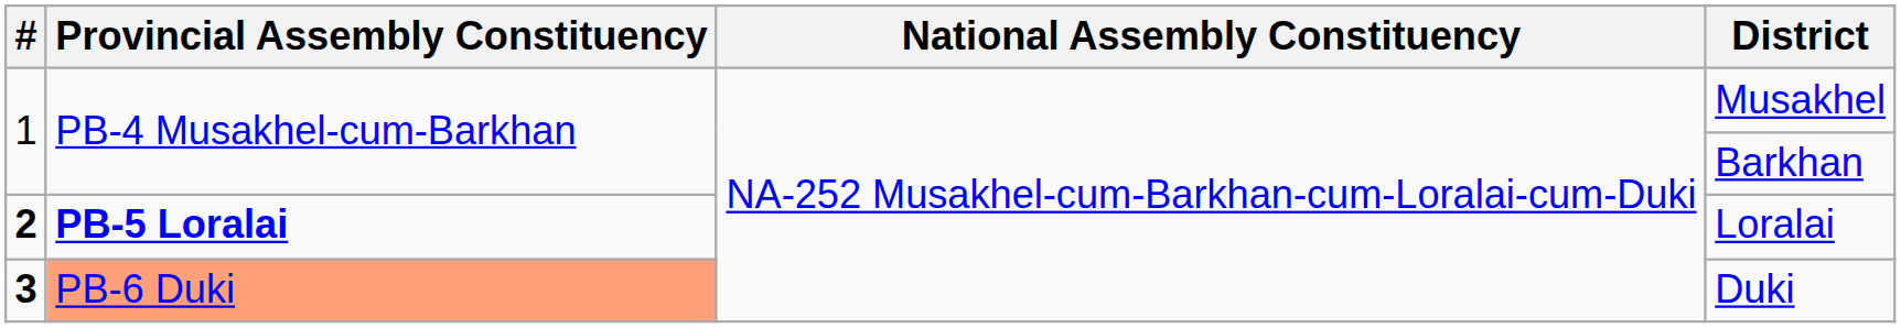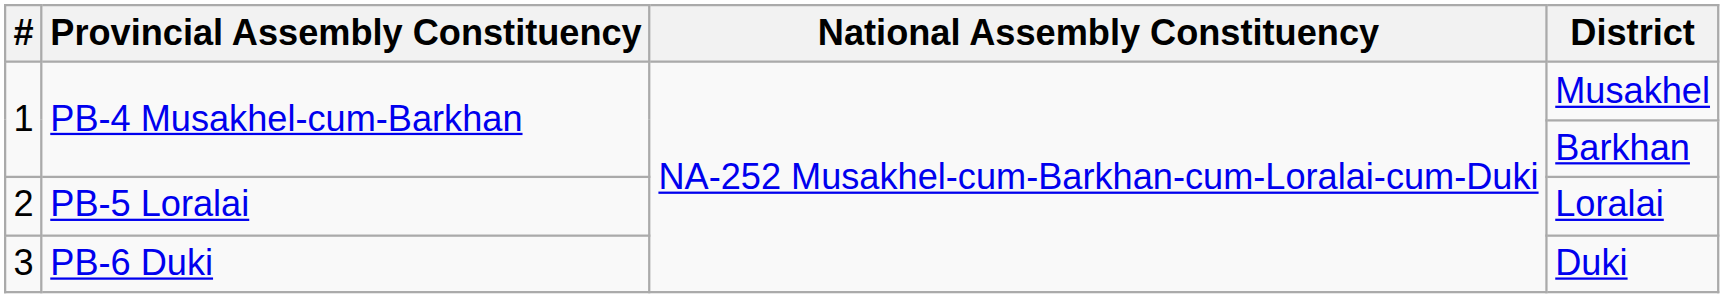 <table class="wikitable sortable">
 <tr>
 <th>#</th>
 <th>Provincial Assembly Constituency</th>
 <th>National Assembly Constituency</th>
 <th>District</th>
 </tr>
 <tr>
 <td rowspan="2">1</td>
 <td rowspan="2"><a href='#'>PB-4 Musakhel-cum-Barkhan</a></td>
 <td rowspan="4"><a href='#'>NA-252 Musakhel-cum-Barkhan-cum-Loralai-cum-Duki</a></td>
 <td><a href='#'>Musakhel</a></td>
 </tr>
 <tr>
 <td><a href='#'>Barkhan</a></td>
 </tr>
 <tr>
-<td><strong>2</strong></td>
-<td><strong><a href='#'>PB-5 Loralai</a></strong></td>
+<td>2</td>
+<td><a href='#'>PB-5 Loralai</a></td>
 <td><a href='#'>Loralai</a></td>
 </tr>
 <tr>
-<td><strong>3</strong></td>
-<td style="background: lightsalmon;"><a href='#'>PB-6 Duki</a></td>
+<td>3</td>
+<td><a href='#'>PB-6 Duki</a></td>
 <td><a href='#'>Duki</a></td>
 </tr>
 </table>
